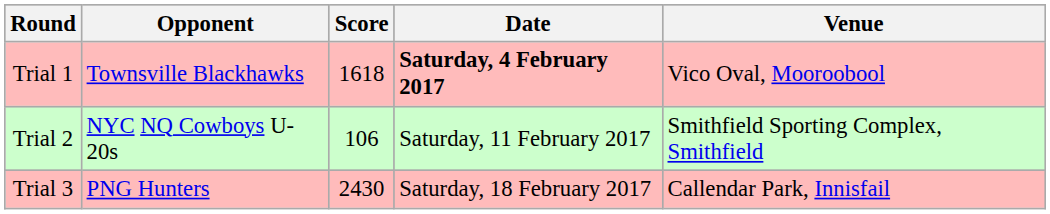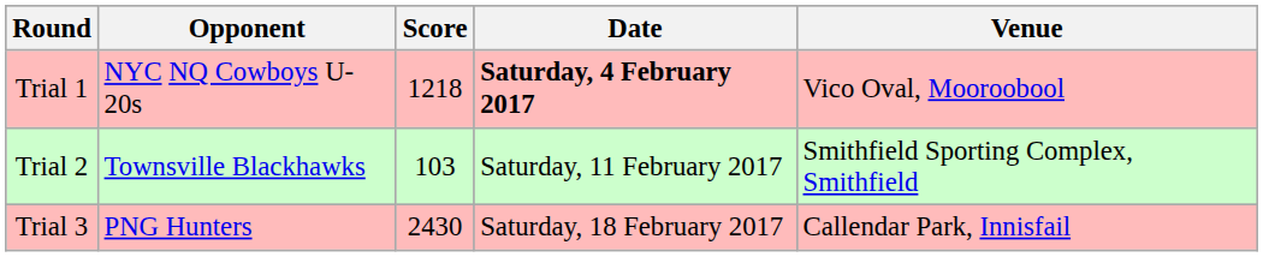 <table class="wikitable" style="font-size:85%; bgcolor:#d6d6d6; width:100%;">
 <tr>
 <th width="">Round</th>
 <th width="">Opponent</th>
 <th width="">Score</th>
 <th width="">Date</th>
 <th width="">Venue</th>
 </tr>
 <tr bgcolor=#FFBBBB>
 <td style="text-align:center;">Trial 1</td>
-<td> <a href='#'>Townsville Blackhawks</a></td>
-<td style="text-align:center;">1618</td>
+<td> <a href='#'>NYC</a> <a href='#'>NQ Cowboys</a> U-20s</td>
+<td style="text-align:center;">1218</td>
 <td><strong>Saturday, 4 February 2017</strong></td>
 <td>Vico Oval, <a href='#'>Mooroobool</a></td>
 </tr>
 <tr bgcolor=#CCFFCC>
 <td style="text-align:center;">Trial 2</td>
-<td> <a href='#'>NYC</a> <a href='#'>NQ Cowboys</a> U-20s</td>
-<td style="text-align:center;">106</td>
+<td> <a href='#'>Townsville Blackhawks</a></td>
+<td style="text-align:center;">103</td>
 <td>Saturday, 11 February 2017</td>
 <td>Smithfield Sporting Complex, <a href='#'>Smithfield</a></td>
 </tr>
 <tr bgcolor=#FFBBBB>
 <td style="text-align:center;">Trial 3</td>
 <td> <a href='#'>PNG Hunters</a></td>
 <td style="text-align:center;">2430</td>
 <td>Saturday, 18 February 2017</td>
 <td>Callendar Park, <a href='#'>Innisfail</a></td>
 </tr>
 </table>
